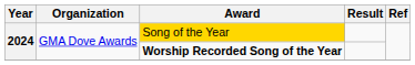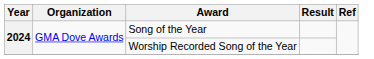 <table class="wikitable plainrowheaders">
 <tr>
 <th>Year</th>
 <th>Organization</th>
 <th>Award</th>
 <th>Result</th>
 <th style="text-align:center">Ref</th>
 </tr>
 <tr>
 <th scope="row" rowspan="2">2024</th>
 <td rowspan="2"><a href='#'>GMA Dove Awards</a></td>
-<td style="background: gold;">Song of the Year</td>
+<td>Song of the Year</td>
 <td></td>
 <td rowspan="2"></td>
 </tr>
 <tr>
-<td><strong>Worship Recorded Song of the Year</strong></td>
+<td>Worship Recorded Song of the Year</td>
 <td></td>
 </tr>
 <tr>
 </tr>
 </table>
